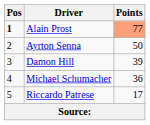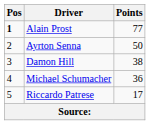 <table class="wikitable" style="font-size: 95%;">
 <tr>
 <th>Pos</th>
 <th>Driver</th>
 <th>Points</th>
 </tr>
 <tr>
 <td><strong>1</strong></td>
 <td> <a href='#'>Alain Prost</a></td>
-<td align="right" style="background: lightsalmon;">77</td>
+<td align="right">77</td>
 </tr>
 <tr>
 <td>2</td>
 <td> <a href='#'>Ayrton Senna</a></td>
 <td align="right">50</td>
 </tr>
 <tr>
 <td>3</td>
 <td> <a href='#'>Damon Hill</a></td>
-<td align="right">39</td>
+<td align="right">38</td>
 </tr>
 <tr>
 <td>4</td>
 <td> <a href='#'>Michael Schumacher</a></td>
 <td align="right">36</td>
 </tr>
 <tr>
 <td>5</td>
 <td> <a href='#'>Riccardo Patrese</a></td>
 <td align="right">17</td>
 </tr>
 <tr>
 <th colspan=4>Source: </th>
 </tr>
 </table>
